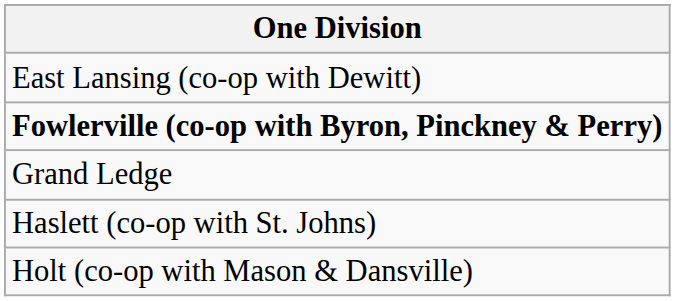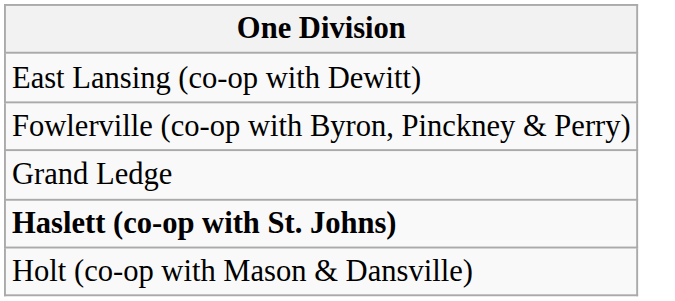 <table class="wikitable">
 <tr>
 <th>One Division</th>
 </tr>
 <tr>
 <td>East Lansing (co-op with Dewitt)</td>
 </tr>
 <tr>
-<td><strong>Fowlerville (co-op with Byron, Pinckney & Perry)</strong></td>
+<td>Fowlerville (co-op with Byron, Pinckney & Perry)</td>
 </tr>
 <tr>
 <td>Grand Ledge</td>
 </tr>
 <tr>
-<td>Haslett (co-op with St. Johns)</td>
+<td><strong>Haslett (co-op with St. Johns)</strong></td>
 </tr>
 <tr>
 <td>Holt (co-op with Mason & Dansville)</td>
 </tr>
 </table>
